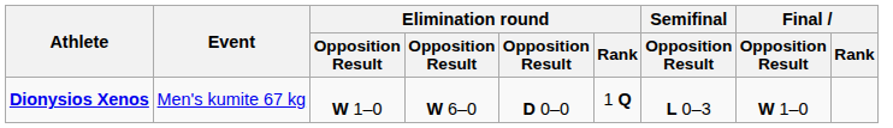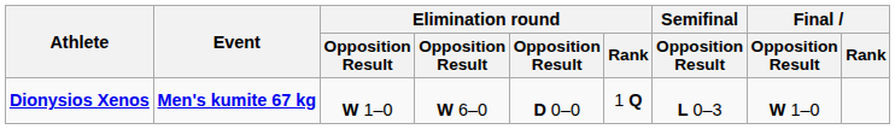 <table class=wikitable style=font-size:90%;text-align:center>
 <tr>
 <th rowspan=2>Athlete</th>
 <th rowspan=2>Event</th>
 <th colspan=4>Elimination round</th>
 <th>Semifinal</th>
 <th colspan=2>Final / </th>
 </tr>
 <tr style=font-size:95%>
 <th>Opposition<br>Result</th>
 <th>Opposition<br>Result</th>
 <th>Opposition<br>Result</th>
 <th>Rank</th>
 <th>Opposition<br>Result</th>
 <th>Opposition<br>Result</th>
 <th>Rank</th>
 </tr>
 <tr>
 <td align=left><strong><a href='#'>Dionysios Xenos</a></strong></td>
-<td align=left><a href='#'>Men's kumite 67 kg</a></td>
+<td align=left><strong><a href='#'>Men's kumite 67 kg</a></strong></td>
 <td><br><strong>W</strong> 1–0</td>
 <td><br><strong>W</strong> 6–0</td>
 <td><br><strong>D</strong> 0–0</td>
 <td>1 <strong>Q</strong></td>
 <td><br><strong>L</strong> 0–3</td>
 <td><br><strong>W</strong> 1–0</td>
 <td></td>
 </tr>
 </table>
